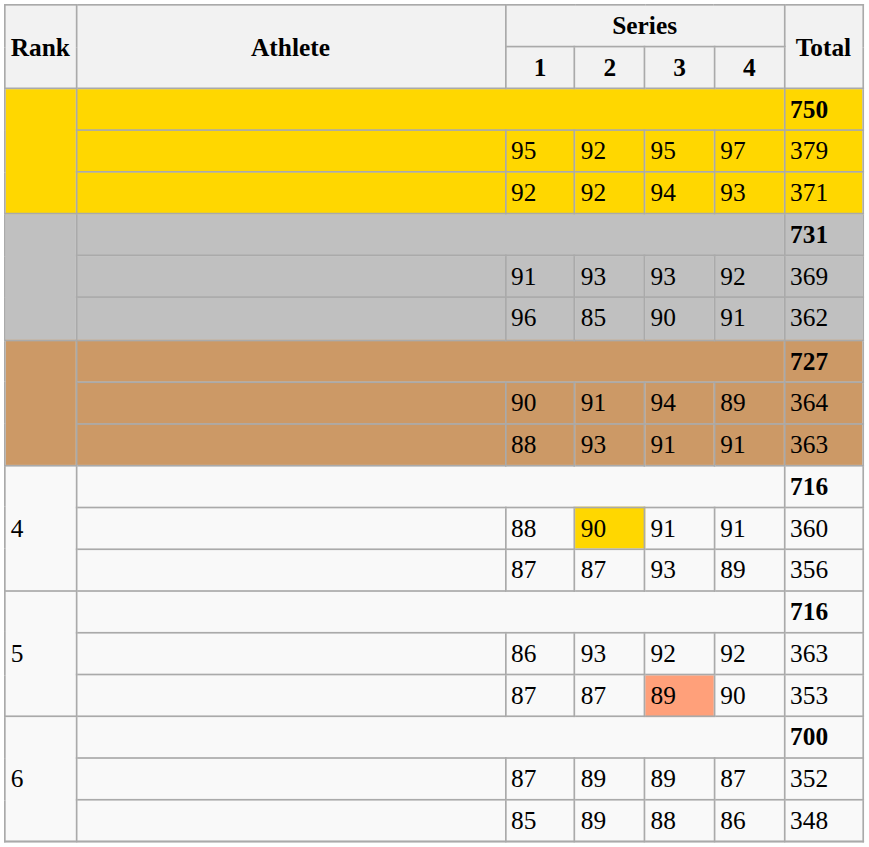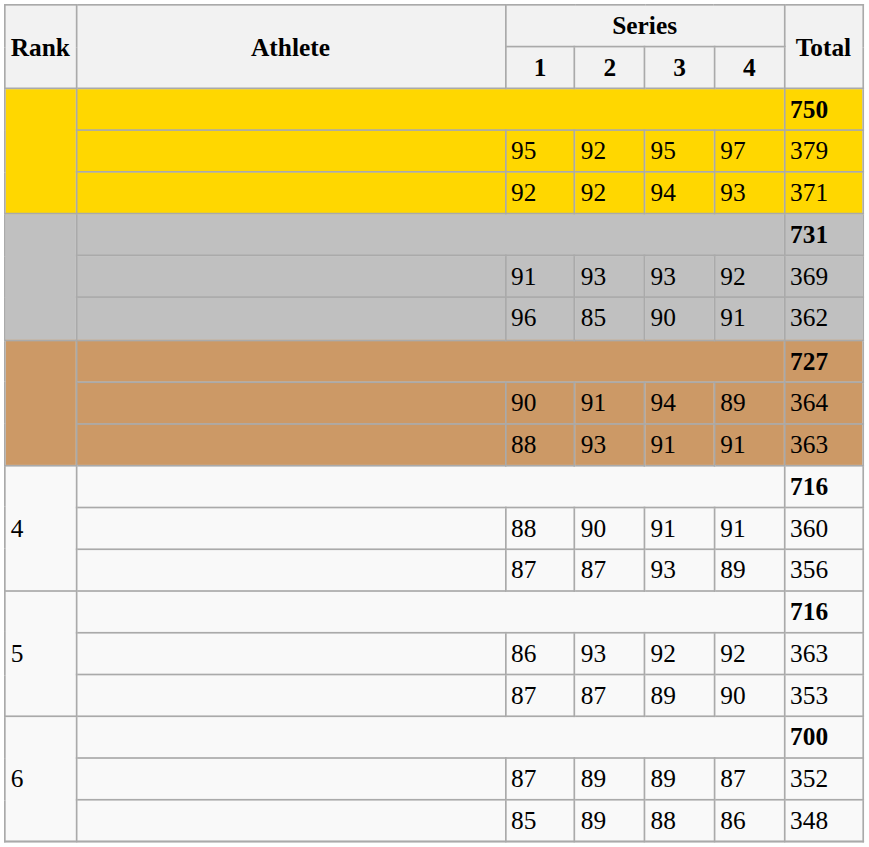 <table class="wikitable" style="font-size:95%" style="width:35em;" style="text-align:center">
 <tr>
 <th rowspan=2>Rank</th>
 <th rowspan=2 width=250>Athlete</th>
 <th colspan=4 width=160>Series</th>
 <th rowspan=2 width=40>Total</th>
 </tr>
 <tr>
 <th>1</th>
 <th>2</th>
 <th>3</th>
 <th>4</th>
 </tr>
 <tr bgcolor=gold>
 <td rowspan=3></td>
 <td colspan=5 align=left></td>
 <td><strong>750</strong></td>
 </tr>
 <tr bgcolor=gold>
 <td align=left></td>
 <td>95</td>
 <td>92</td>
 <td>95</td>
 <td>97</td>
 <td>379</td>
 </tr>
 <tr bgcolor=gold>
 <td align=left></td>
 <td>92</td>
 <td>92</td>
 <td>94</td>
 <td>93</td>
 <td>371</td>
 </tr>
 <tr bgcolor=silver>
 <td rowspan=3></td>
 <td colspan=5 align=left></td>
 <td><strong>731</strong></td>
 </tr>
 <tr bgcolor=silver>
 <td align=left></td>
 <td>91</td>
 <td>93</td>
 <td>93</td>
 <td>92</td>
 <td>369</td>
 </tr>
 <tr bgcolor=silver>
 <td align=left></td>
 <td>96</td>
 <td>85</td>
 <td>90</td>
 <td>91</td>
 <td>362</td>
 </tr>
 <tr bgcolor=cc9966>
 <td rowspan=3></td>
 <td colspan=5 align=left></td>
 <td><strong>727</strong></td>
 </tr>
 <tr bgcolor=cc9966>
 <td align=left></td>
 <td>90</td>
 <td>91</td>
 <td>94</td>
 <td>89</td>
 <td>364</td>
 </tr>
 <tr bgcolor=cc9966>
 <td align=left></td>
 <td>88</td>
 <td>93</td>
 <td>91</td>
 <td>91</td>
 <td>363</td>
 </tr>
 <tr>
 <td rowspan=3>4</td>
 <td colspan=5 align=left></td>
 <td><strong>716</strong></td>
 </tr>
 <tr>
 <td align=left></td>
 <td>88</td>
-<td style="background: gold;">90</td>
+<td>90</td>
 <td>91</td>
 <td>91</td>
 <td>360</td>
 </tr>
 <tr>
 <td align=left></td>
 <td>87</td>
 <td>87</td>
 <td>93</td>
 <td>89</td>
 <td>356</td>
 </tr>
 <tr>
 <td rowspan=3>5</td>
 <td colspan=5 align=left></td>
 <td><strong>716</strong></td>
 </tr>
 <tr>
 <td align=left></td>
 <td>86</td>
 <td>93</td>
 <td>92</td>
 <td>92</td>
 <td>363</td>
 </tr>
 <tr>
 <td align=left></td>
 <td>87</td>
 <td>87</td>
-<td style="background: lightsalmon;">89</td>
+<td>89</td>
 <td>90</td>
 <td>353</td>
 </tr>
 <tr>
 <td rowspan=3>6</td>
 <td colspan=5 align=left></td>
 <td><strong>700</strong></td>
 </tr>
 <tr>
 <td align=left></td>
 <td>87</td>
 <td>89</td>
 <td>89</td>
 <td>87</td>
 <td>352</td>
 </tr>
 <tr>
 <td align=left></td>
 <td>85</td>
 <td>89</td>
 <td>88</td>
 <td>86</td>
 <td>348</td>
 </tr>
 <tr>
 </tr>
 </table>
